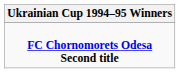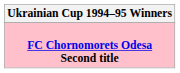 <table class="wikitable" style="text-align: center; margin: 0 auto;">
 <tr>
 <th>Ukrainian Cup 1994–95 Winners</th>
 </tr>
 <tr>
 </tr>
 <tr>
-<td><br><strong><a href='#'>FC Chornomorets Odesa</a></strong><br><strong>Second title</strong></td>
+<td style="background: pink;"><br><strong><a href='#'>FC Chornomorets Odesa</a></strong><br><strong>Second title</strong></td>
 </tr>
 </table>
